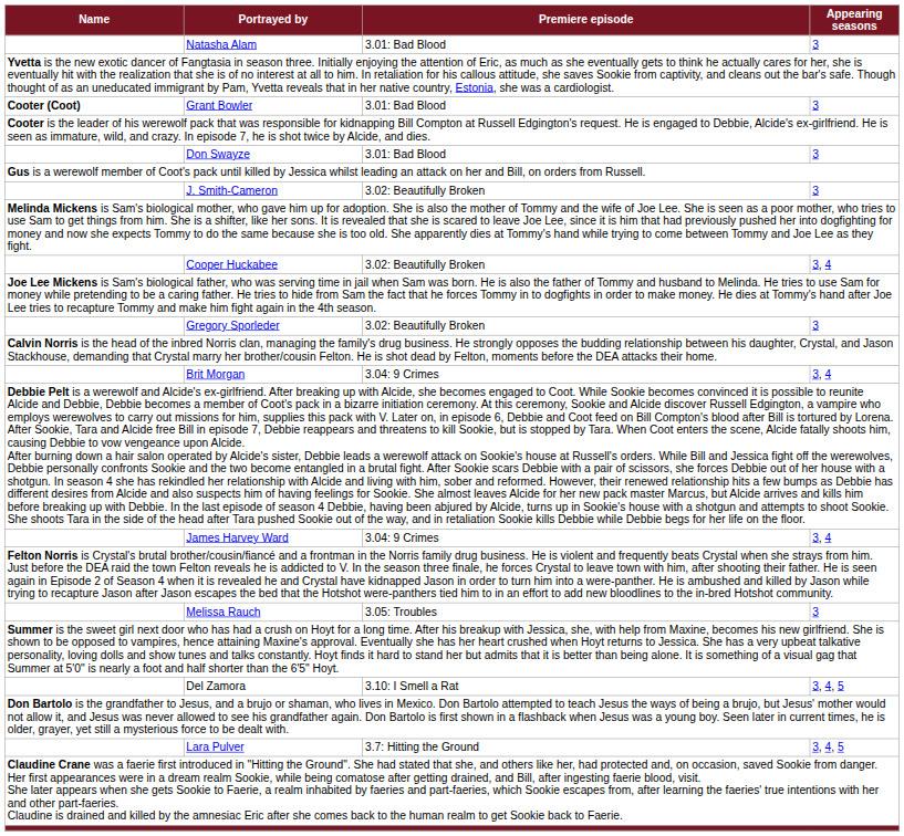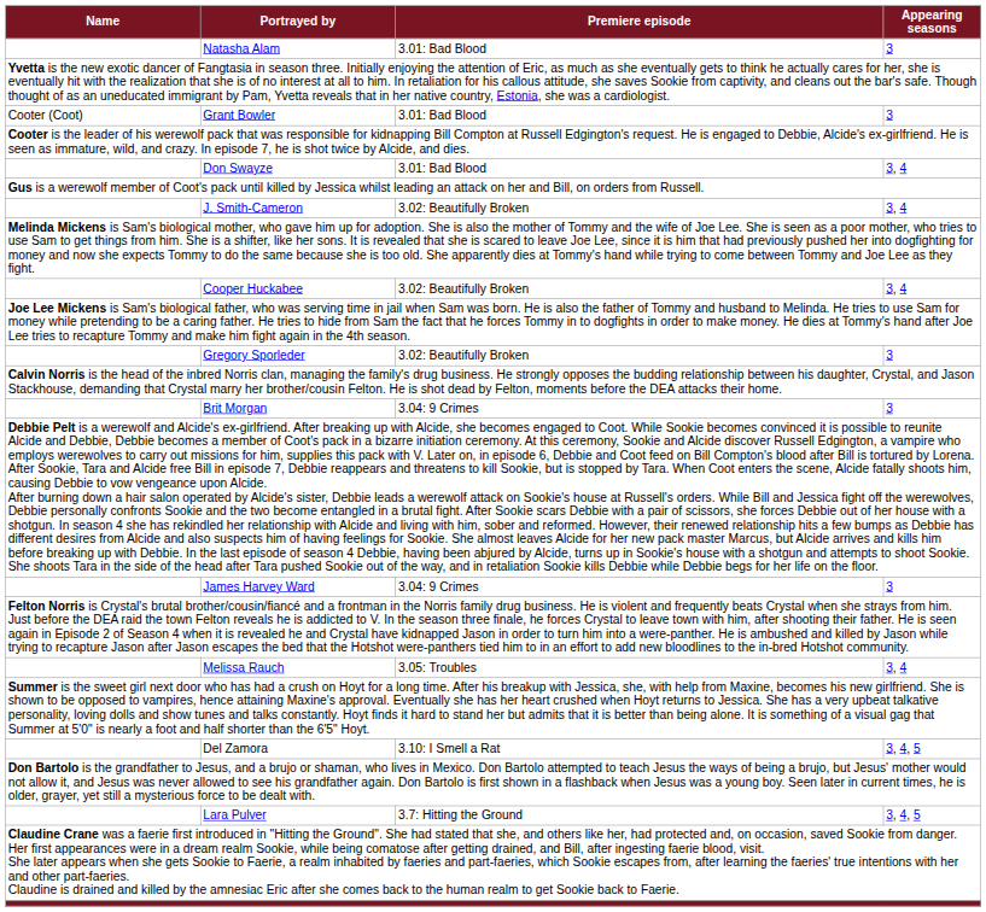 <table class="wikitable" style="width:100%; margin-right:auto; background: #FFFFFF;">
 <tr style="color:white">
 <th style="background-color:#791422; width:20%">Name</th>
 <th style="background-color:#791422; width:20%">Portrayed by</th>
 <th style="background-color:#791422; width:50%">Premiere episode</th>
 <th style="background-color:#791422; width:10%">Appearing seasons</th>
 </tr>
 <tr>
 <td></td>
 <td><a href='#'>Natasha Alam</a></td>
 <td>3.01: Bad Blood</td>
 <td><a href='#'>3</a></td>
 </tr>
 <tr>
 <td colspan="5"><strong>Yvetta</strong> is the new exotic dancer of Fangtasia in season three. Initially enjoying the attention of Eric, as much as she eventually gets to think he actually cares for her, she is eventually hit with the realization that she is of no interest at all to him. In retaliation for his callous attitude, she saves Sookie from captivity, and cleans out the bar's safe. Though thought of as an uneducated immigrant by Pam, Yvetta reveals that in her native country, <a href='#'>Estonia</a>, she was a cardiologist.</td>
 </tr>
 <tr>
-<td><strong>Cooter (Coot)</strong></td>
+<td>Cooter (Coot)</td>
 <td><a href='#'>Grant Bowler</a></td>
 <td>3.01: Bad Blood</td>
 <td><a href='#'>3</a></td>
 </tr>
 <tr>
 <td colspan="5"><strong>Cooter</strong> is the leader of his werewolf pack that was responsible for kidnapping Bill Compton at Russell Edgington's request. He is engaged to Debbie, Alcide's ex-girlfriend. He is seen as immature, wild, and crazy. In episode 7, he is shot twice by Alcide, and dies.</td>
 </tr>
 <tr>
 <td></td>
 <td><a href='#'>Don Swayze</a></td>
 <td>3.01: Bad Blood</td>
-<td><a href='#'>3</a></td>
+<td><a href='#'>3</a>, <a href='#'>4</a></td>
 </tr>
 <tr>
 <td colspan="5"><strong>Gus</strong> is a werewolf member of Coot's pack until killed by Jessica whilst leading an attack on her and Bill, on orders from Russell.</td>
 </tr>
 <tr>
 <td></td>
 <td><a href='#'>J. Smith-Cameron</a></td>
 <td>3.02: Beautifully Broken</td>
-<td><a href='#'>3</a></td>
+<td><a href='#'>3</a>, <a href='#'>4</a></td>
 </tr>
 <tr>
 <td colspan="5"><strong>Melinda Mickens</strong> is Sam's biological mother, who gave him up for adoption. She is also the mother of Tommy and the wife of Joe Lee. She is seen as a poor mother, who tries to use Sam to get things from him. She is a shifter, like her sons. It is revealed that she is scared to leave Joe Lee, since it is him that had previously pushed her into dogfighting for money and now she expects Tommy to do the same because she is too old. She apparently dies at Tommy's hand while trying to come between Tommy and Joe Lee as they fight.</td>
 </tr>
 <tr>
 <td></td>
 <td><a href='#'>Cooper Huckabee</a></td>
 <td>3.02: Beautifully Broken</td>
 <td><a href='#'>3</a>, <a href='#'>4</a></td>
 </tr>
 <tr>
 <td colspan="5"><strong>Joe Lee Mickens</strong> is Sam's biological father, who was serving time in jail when Sam was born. He is also the father of Tommy and husband to Melinda. He tries to use Sam for money while pretending to be a caring father. He tries to hide from Sam the fact that he forces Tommy in to dogfights in order to make money. He dies at Tommy's hand after Joe Lee tries to recapture Tommy and make him fight again in the 4th season.</td>
 </tr>
 <tr>
 <td></td>
 <td><a href='#'>Gregory Sporleder</a></td>
 <td>3.02: Beautifully Broken</td>
 <td><a href='#'>3</a></td>
 </tr>
 <tr>
 <td colspan="5"><strong>Calvin Norris</strong> is the head of the inbred Norris clan, managing the family's drug business. He strongly opposes the budding relationship between his daughter, Crystal, and Jason Stackhouse, demanding that Crystal marry her brother/cousin Felton. He is shot dead by Felton, moments before the DEA attacks their home.</td>
 </tr>
 <tr>
 <td></td>
 <td><a href='#'>Brit Morgan</a></td>
 <td>3.04: 9 Crimes</td>
-<td><a href='#'>3</a>, <a href='#'>4</a></td>
+<td><a href='#'>3</a></td>
 </tr>
 <tr>
 <td colspan="5"><strong>Debbie Pelt</strong> is a werewolf and Alcide's ex-girlfriend. After breaking up with Alcide, she becomes engaged to Coot. While Sookie becomes convinced it is possible to reunite Alcide and Debbie, Debbie becomes a member of Coot's pack in a bizarre initiation ceremony. At this ceremony, Sookie and Alcide discover Russell Edgington, a vampire who employs werewolves to carry out missions for him, supplies this pack with V. Later on, in episode 6, Debbie and Coot feed on Bill Compton's blood after Bill is tortured by Lorena. After Sookie, Tara and Alcide free Bill in episode 7, Debbie reappears and threatens to kill Sookie, but is stopped by Tara. When Coot enters the scene, Alcide fatally shoots him, causing Debbie to vow vengeance upon Alcide.<br>After burning down a hair salon operated by Alcide's sister, Debbie leads a werewolf attack on Sookie's house at Russell's orders. While Bill and Jessica fight off the werewolves, Debbie personally confronts Sookie and the two become entangled in a brutal fight. After Sookie scars Debbie with a pair of scissors, she forces Debbie out of her house with a shotgun. In season 4 she has rekindled her relationship with Alcide and living with him, sober and reformed. However, their renewed relationship hits a few bumps as Debbie has different desires from Alcide and also suspects him of having feelings for Sookie. She almost leaves Alcide for her new pack master Marcus, but Alcide arrives and kills him before breaking up with Debbie. In the last episode of season 4 Debbie, having been abjured by Alcide, turns up in Sookie's house with a shotgun and attempts to shoot Sookie. She shoots Tara in the side of the head after Tara pushed Sookie out of the way, and in retaliation Sookie kills Debbie while Debbie begs for her life on the floor.</td>
 </tr>
 <tr>
 <td></td>
 <td><a href='#'>James Harvey Ward</a></td>
 <td>3.04: 9 Crimes</td>
-<td><a href='#'>3</a>, <a href='#'>4</a></td>
+<td><a href='#'>3</a></td>
 </tr>
 <tr>
 <td colspan="5"><strong>Felton Norris</strong> is Crystal's brutal brother/cousin/fiancé and a frontman in the Norris family drug business. He is violent and frequently beats Crystal when she strays from him. Just before the DEA raid the town Felton reveals he is addicted to V. In the season three finale, he forces Crystal to leave town with him, after shooting their father. He is seen again in Episode 2 of Season 4 when it is revealed he and Crystal have kidnapped Jason in order to turn him into a were-panther. He is ambushed and killed by Jason while trying to recapture Jason after Jason escapes the bed that the Hotshot were-panthers tied him to in an effort to add new bloodlines to the in-bred Hotshot community.</td>
 </tr>
 <tr>
 <td></td>
 <td><a href='#'>Melissa Rauch</a></td>
 <td>3.05: Troubles</td>
-<td><a href='#'>3</a></td>
+<td><a href='#'>3</a>, <a href='#'>4</a></td>
 </tr>
 <tr>
 <td colspan="5"><strong>Summer</strong> is the sweet girl next door who has had a crush on Hoyt for a long time. After his breakup with Jessica, she, with help from Maxine, becomes his new girlfriend. She is shown to be opposed to vampires, hence attaining Maxine's approval. Eventually she has her heart crushed when Hoyt returns to Jessica. She has a very upbeat talkative personality, loving dolls and show tunes and talks constantly. Hoyt finds it hard to stand her but admits that it is better than being alone. It is something of a visual gag that Summer at 5'0" is nearly a foot and half shorter than the 6'5" Hoyt.</td>
 </tr>
 <tr>
 <td></td>
 <td>Del Zamora</td>
 <td>3.10: I Smell a Rat</td>
 <td><a href='#'>3</a>, <a href='#'>4</a>, <a href='#'>5</a></td>
 </tr>
 <tr>
 <td colspan="5"><strong>Don Bartolo</strong> is the grandfather to Jesus, and a brujo or shaman, who lives in Mexico. Don Bartolo attempted to teach Jesus the ways of being a brujo, but Jesus' mother would not allow it, and Jesus was never allowed to see his grandfather again. Don Bartolo is first shown in a flashback when Jesus was a young boy. Seen later in current times, he is older, grayer, yet still a mysterious force to be dealt with.</td>
 </tr>
 <tr>
 <td></td>
 <td><a href='#'>Lara Pulver</a></td>
 <td>3.7: Hitting the Ground</td>
 <td><a href='#'>3</a>, <a href='#'>4</a>, <a href='#'>5</a></td>
 </tr>
 <tr>
 <td colspan="5"><strong>Claudine Crane</strong> was a faerie first introduced in "Hitting the Ground". She had stated that she, and others like her, had protected and, on occasion, saved Sookie from danger.<br>Her first appearances were in a dream realm Sookie, while being comatose after getting drained, and Bill, after ingesting faerie blood, visit.<br>She later appears when she gets Sookie to Faerie, a realm inhabited by faeries and part-faeries, which Sookie escapes from, after learning the faeries' true intentions with her and other part-faeries.<br>Claudine is drained and killed by the amnesiac Eric after she comes back to the human realm to get Sookie back to Faerie.</td>
 </tr>
 <tr>
 <td colspan="5" bgcolor="#791422"></td>
 </tr>
 <tr>
 </tr>
 </table>
